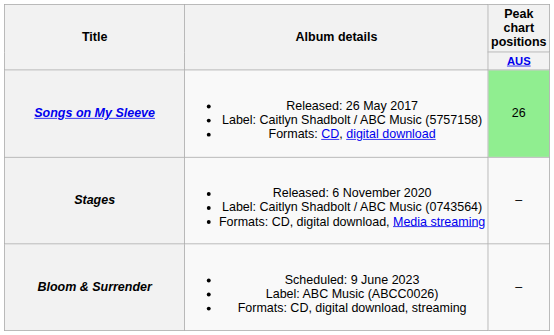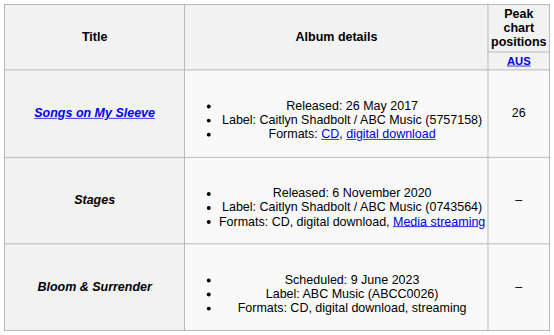 <table class="wikitable plainrowheaders" style="text-align:center;">
 <tr>
 <th scope="col" rowspan="2" style="width:14em;">Title</th>
 <th scope="col" rowspan="2">Album details</th>
 <th scope="col" colspan="1">Peak chart positions</th>
 </tr>
 <tr>
 <th scope="col" style="width:3em;font-size:90%;"><a href='#'>AUS</a><br></th>
 </tr>
 <tr>
 <th scope="row"><em><a href='#'>Songs on My Sleeve</a></em></th>
 <td><br><ul><li>Released: 26 May 2017</li><li>Label: Caitlyn Shadbolt / ABC Music (5757158)</li><li>Formats: <a href='#'>CD</a>, <a href='#'>digital download</a></li></ul></td>
-<td style="background: lightgreen;">26</td>
+<td>26</td>
 </tr>
 <tr>
 <th scope="row"><em>Stages</em></th>
 <td><br><ul><li>Released: 6 November 2020</li><li>Label: Caitlyn Shadbolt / ABC Music (0743564)</li><li>Formats: CD, digital download, <a href='#'>Media streaming</a></li></ul></td>
 <td>–</td>
 </tr>
 <tr>
 <th scope="row"><em>Bloom & Surrender</em></th>
 <td><br><ul><li>Scheduled: 9 June 2023</li><li>Label: ABC Music (ABCC0026)</li><li>Formats: CD, digital download, streaming</li></ul></td>
 <td>–</td>
 </tr>
 </table>
